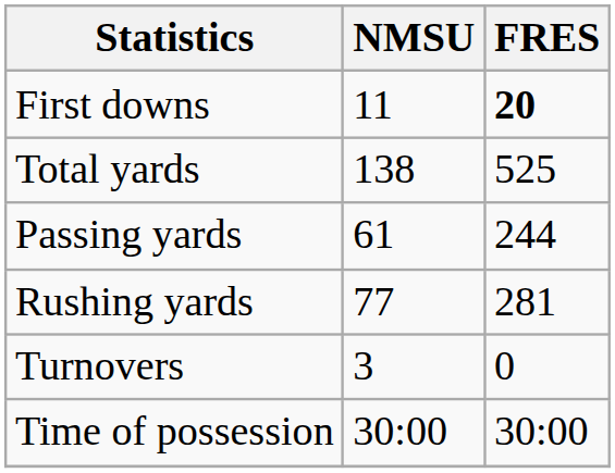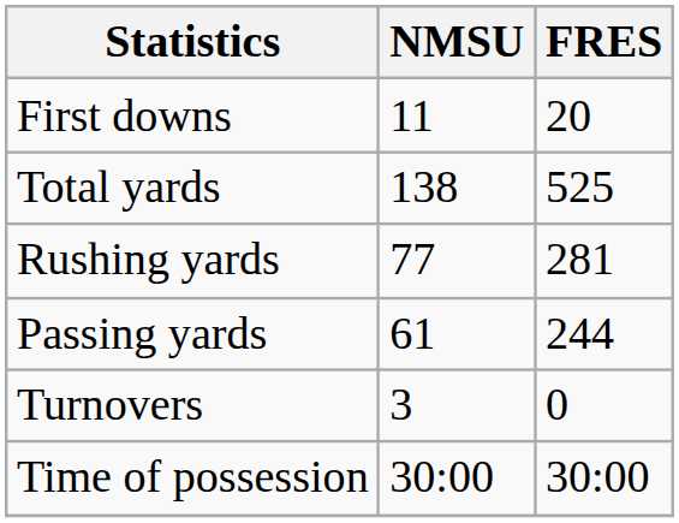 <table class="wikitable" style="float: left;">
 <tr>
 <th>Statistics</th>
 <th>NMSU</th>
 <th>FRES</th>
 </tr>
 <tr>
 <td>First downs</td>
 <td>11</td>
-<td><strong>20</strong></td>
+<td>20</td>
 </tr>
 <tr>
 <td>Total yards</td>
 <td>138</td>
 <td>525</td>
 </tr>
 <tr>
+<td>Rushing yards</td>
+<td>77</td>
+<td>281</td>
+</tr>
+<tr>
 <td>Passing yards</td>
 <td>61</td>
 <td>244</td>
-</tr>
-<tr>
-<td>Rushing yards</td>
-<td>77</td>
-<td>281</td>
 </tr>
 <tr>
 <td>Turnovers</td>
 <td>3</td>
 <td>0</td>
 </tr>
 <tr>
 <td>Time of possession</td>
 <td>30:00</td>
 <td>30:00</td>
 </tr>
 <tr>
 </tr>
 </table>
